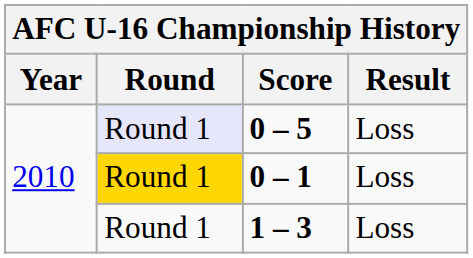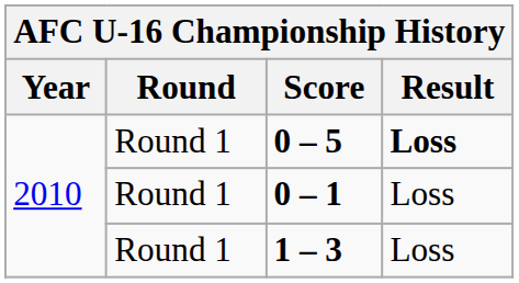 <table class="wikitable" style="text-align: centre;">
 <tr>
 <th colspan=4>AFC U-16 Championship History</th>
 </tr>
 <tr>
 <th>Year</th>
 <th>Round</th>
 <th>Score</th>
 <th>Result</th>
 </tr>
 <tr>
 <td rowspan=3><a href='#'>2010</a></td>
-<td style="background: lavender;">Round 1</td>
+<td>Round 1</td>
 <td align="left"> <strong>0 – 5</strong> </td>
-<td>Loss</td>
+<td><strong>Loss</strong></td>
 </tr>
 <tr>
-<td style="background: gold;">Round 1</td>
+<td>Round 1</td>
 <td align="left"> <strong>0 – 1</strong> </td>
 <td>Loss</td>
 </tr>
 <tr>
 <td>Round 1</td>
 <td align="left"> <strong>1 – 3</strong> </td>
 <td>Loss</td>
 </tr>
 </table>
